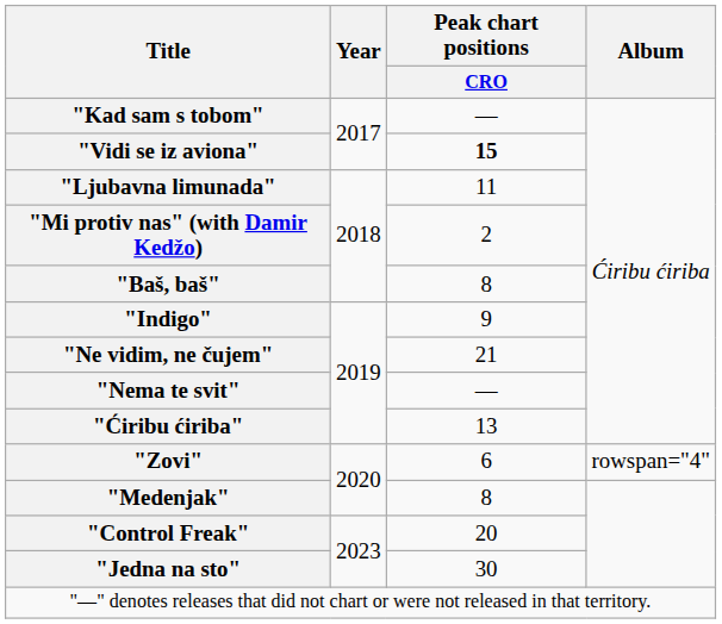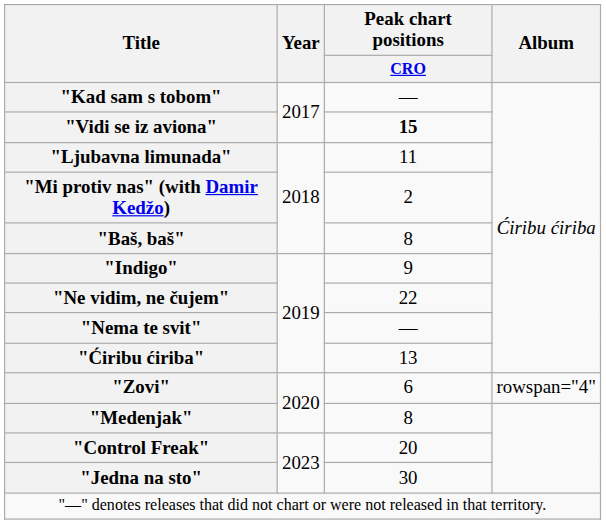 <table class="wikitable plainrowheaders" style="text-align:center;">
 <tr>
 <th scope="col" rowspan="2" style="width:14em;">Title</th>
 <th scope="col" rowspan="2" style="width:1em;">Year</th>
 <th scope="col" colspan="1">Peak chart positions</th>
 <th scope="col" rowspan="2">Album</th>
 </tr>
 <tr>
 <th scope="col" style="width:10em;font-size:85%;"><a href='#'>CRO</a></th>
 </tr>
 <tr>
 <th scope="row">"Kad sam s tobom"</th>
 <td rowspan="2">2017</td>
 <td>—</td>
 <td rowspan="9"><em>Ćiribu ćiriba</em></td>
 </tr>
 <tr>
 <th scope="row">"Vidi se iz aviona"</th>
 <td><strong>15</strong></td>
 </tr>
 <tr>
 <th scope="row">"Ljubavna limunada"</th>
 <td rowspan="3">2018</td>
 <td>11</td>
 </tr>
 <tr>
 <th scope="row">"Mi protiv nas" <span>(with <a href='#'>Damir Kedžo</a>)</span></th>
 <td>2</td>
 </tr>
 <tr>
 <th scope="row">"Baš, baš"</th>
 <td>8</td>
 </tr>
 <tr>
 <th scope="row">"Indigo"</th>
 <td rowspan="4">2019</td>
 <td>9</td>
 </tr>
 <tr>
 <th scope="row">"Ne vidim, ne čujem"</th>
-<td>21</td>
+<td>22</td>
 </tr>
 <tr>
 <th scope="row">"Nema te svit"</th>
 <td>—</td>
 </tr>
 <tr>
 <th scope="row">"Ćiribu ćiriba"</th>
 <td>13</td>
 </tr>
 <tr>
 <th scope="row">"Zovi"</th>
 <td rowspan="2">2020</td>
 <td>6</td>
 <td>rowspan="4" </td>
 </tr>
 <tr>
 <th scope="row">"Medenjak"</th>
 <td>8</td>
 </tr>
 <tr>
 <th scope="row">"Control Freak"</th>
 <td rowspan="2">2023</td>
 <td>20</td>
 </tr>
 <tr>
 <th scope="row">"Jedna na sto"</th>
 <td>30</td>
 </tr>
 <tr>
 <td colspan="22" style="text-align:center; font-size:85%;">"—" denotes releases that did not chart or were not released in that territory.</td>
 </tr>
 </table>
